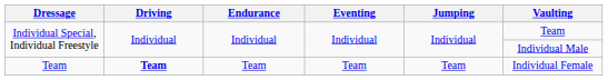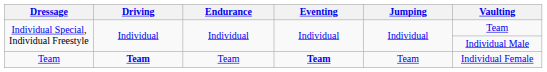 <table class="wikitable">
 <tr>
 <th width=175><a href='#'>Dressage</a></th>
 <th width=175><a href='#'>Driving</a></th>
 <th width=175><a href='#'>Endurance</a></th>
 <th width=175><a href='#'>Eventing</a></th>
 <th width=175><a href='#'>Jumping</a></th>
 <th width=175><a href='#'>Vaulting</a></th>
 </tr>
 <tr>
 <td rowspan="2" align="center"><a href='#'>Individual Special</a>, Individual Freestyle</td>
 <td rowspan="2" align="center"><a href='#'>Individual</a></td>
 <td rowspan="2" align="center"><a href='#'>Individual</a></td>
 <td rowspan="2" align="center"><a href='#'>Individual</a></td>
 <td rowspan="2" align="center"><a href='#'>Individual</a></td>
 <td align="center"><a href='#'>Team</a></td>
 </tr>
 <tr>
 <td align="center"><a href='#'>Individual Male</a></td>
 </tr>
 <tr>
 <td align="center"><a href='#'>Team</a></td>
 <td align="center"><strong><a href='#'>Team</a></strong></td>
 <td align="center"><a href='#'>Team</a></td>
-<td align="center"><a href='#'>Team</a></td>
+<td align="center"><strong><a href='#'>Team</a></strong></td>
 <td align="center"><a href='#'>Team</a></td>
 <td align="center"><a href='#'>Individual Female</a></td>
 </tr>
 </table>
